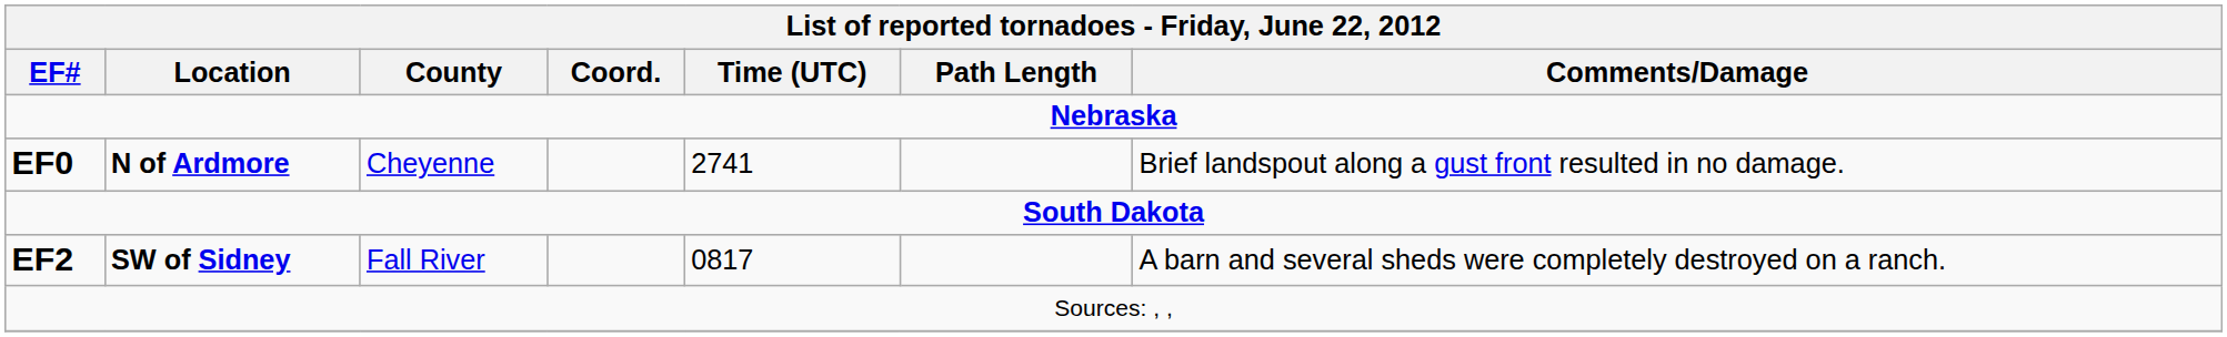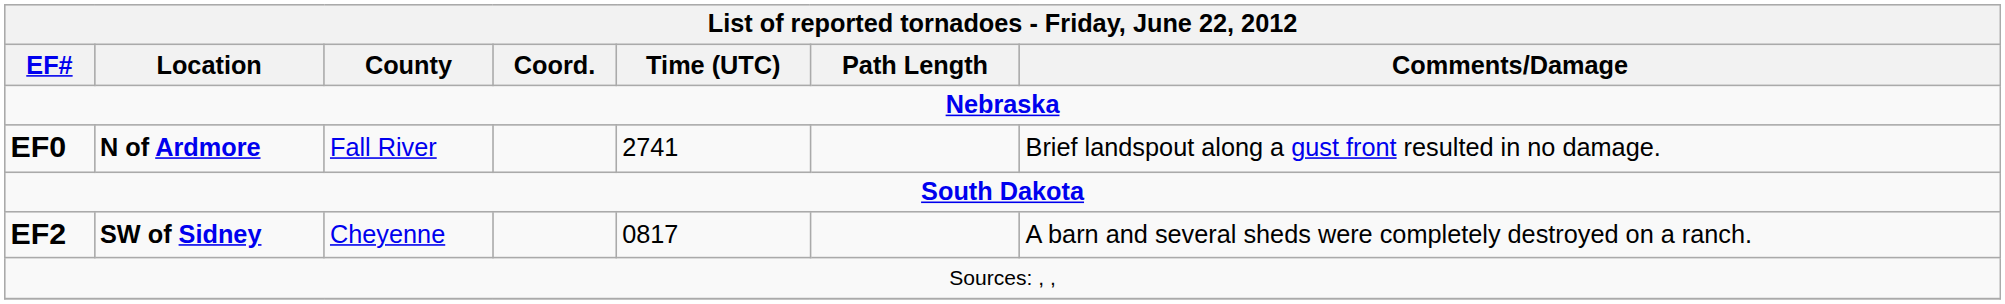 <table class="wikitable collapsible" width="100%">
 <tr>
 <th colspan="7">List of reported tornadoes - Friday, June 22, 2012</th>
 </tr>
 <tr>
 <th><a href='#'>EF#</a></th>
 <th>Location</th>
 <th>County</th>
 <th>Coord.</th>
 <th>Time (UTC)</th>
 <th>Path Length</th>
 <th>Comments/Damage</th>
 </tr>
 <tr>
 <td colspan="7" align=center><strong><a href='#'>Nebraska</a></strong></td>
 </tr>
 <tr>
 <td><big><strong>EF0</strong></big></td>
 <td><strong>N of <a href='#'>Ardmore</a></strong></td>
-<td><a href='#'>Cheyenne</a></td>
+<td><a href='#'>Fall River</a></td>
 <td></td>
 <td>2741</td>
 <td></td>
 <td>Brief landspout along a <a href='#'>gust front</a> resulted in no damage.</td>
 </tr>
 <tr>
 <td colspan="7" align=center><strong><a href='#'>South Dakota</a></strong></td>
 </tr>
 <tr>
 <td><big><strong>EF2</strong></big></td>
 <td><strong>SW of <a href='#'>Sidney</a></strong></td>
-<td><a href='#'>Fall River</a></td>
+<td><a href='#'>Cheyenne</a></td>
 <td></td>
 <td>0817</td>
 <td></td>
 <td>A barn and several sheds were completely destroyed on a ranch.</td>
 </tr>
 <tr>
 <td colspan="7" align=center><small>Sources: , , </small></td>
 </tr>
 <tr>
 </tr>
 </table>
